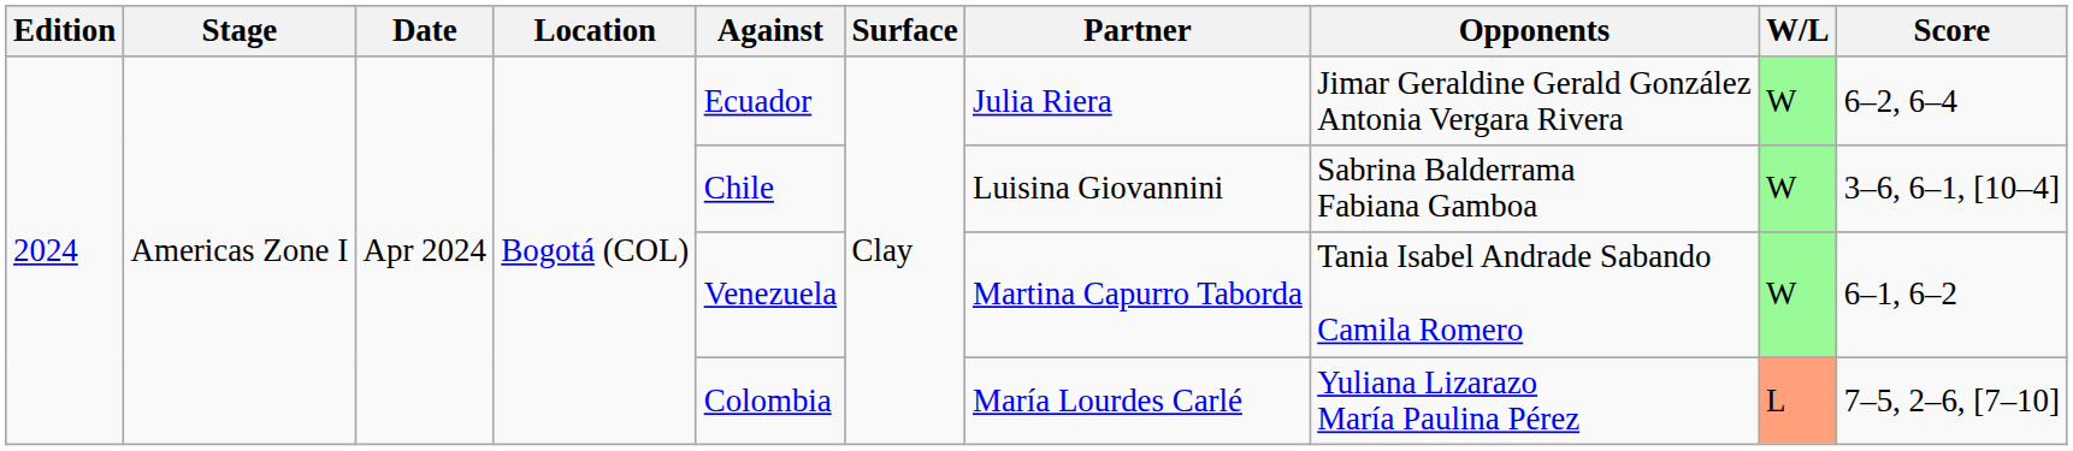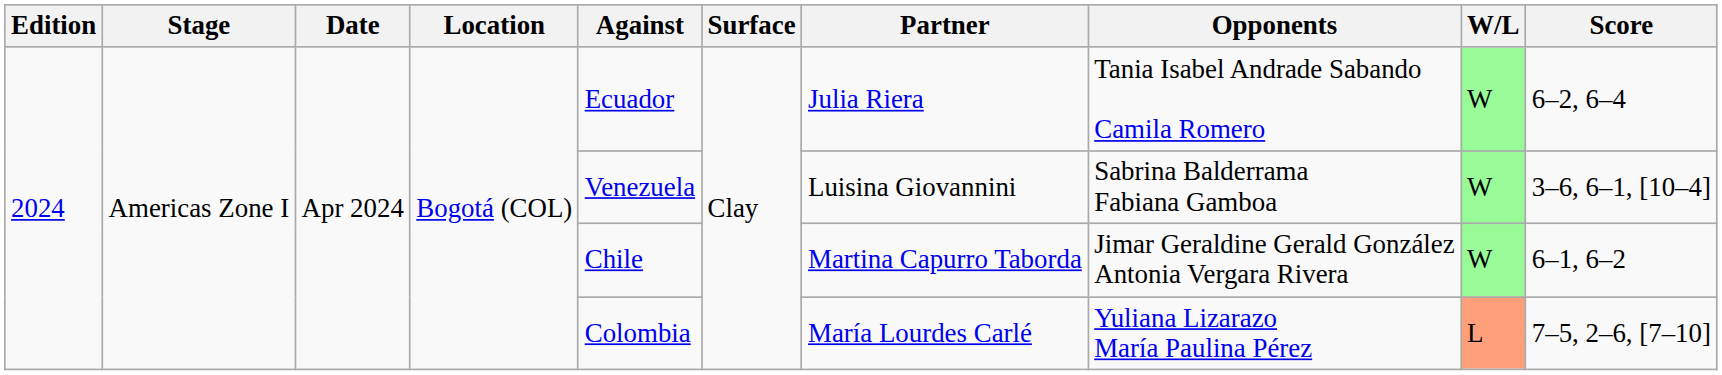 <table class="wikitable">
 <tr>
 <th>Edition</th>
 <th>Stage</th>
 <th>Date</th>
 <th>Location</th>
 <th>Against</th>
 <th>Surface</th>
 <th>Partner</th>
 <th>Opponents</th>
 <th>W/L</th>
 <th>Score</th>
 </tr>
 <tr>
 <td rowspan="4"><a href='#'>2024</a></td>
 <td rowspan="4">Americas Zone I</td>
 <td rowspan="4">Apr 2024</td>
 <td rowspan="4"><a href='#'>Bogotá</a> (COL)</td>
 <td><a href='#'>Ecuador</a></td>
 <td rowspan="4">Clay</td>
 <td><a href='#'>Julia Riera</a></td>
-<td>Jimar Geraldine Gerald González <br> Antonia Vergara Rivera</td>
+<td>Tania Isabel Andrade Sabando <br><br><a href='#'>Camila Romero</a></td>
 <td bgcolor=98FB98>W</td>
 <td>6–2, 6–4</td>
 </tr>
 <tr>
-<td><a href='#'>Chile</a></td>
+<td><a href='#'>Venezuela</a></td>
 <td>Luisina Giovannini</td>
 <td>Sabrina Balderrama <br> Fabiana Gamboa</td>
 <td bgcolor=98FB98>W</td>
 <td>3–6, 6–1, [10–4]</td>
 </tr>
 <tr>
-<td><a href='#'>Venezuela</a></td>
+<td><a href='#'>Chile</a></td>
 <td><a href='#'>Martina Capurro Taborda</a></td>
-<td>Tania Isabel Andrade Sabando <br><br><a href='#'>Camila Romero</a></td>
+<td>Jimar Geraldine Gerald González <br> Antonia Vergara Rivera</td>
 <td bgcolor=98FB98>W</td>
 <td>6–1, 6–2</td>
 </tr>
 <tr>
 <td><a href='#'>Colombia</a></td>
 <td><a href='#'>María Lourdes Carlé</a></td>
 <td><a href='#'>Yuliana Lizarazo</a> <br> <a href='#'>María Paulina Pérez</a></td>
 <td style="background:#ffa07a;">L</td>
 <td>7–5, 2–6, [7–10]</td>
 </tr>
 </table>
